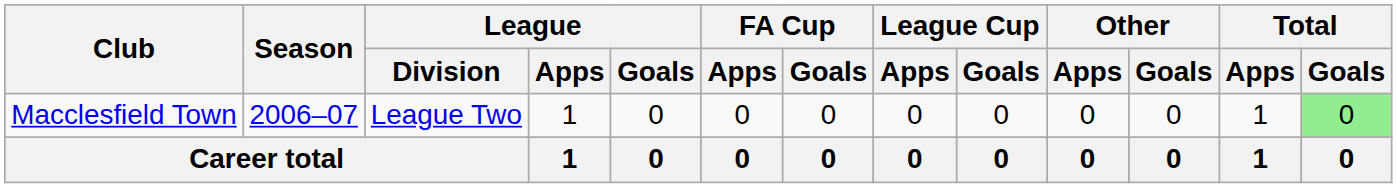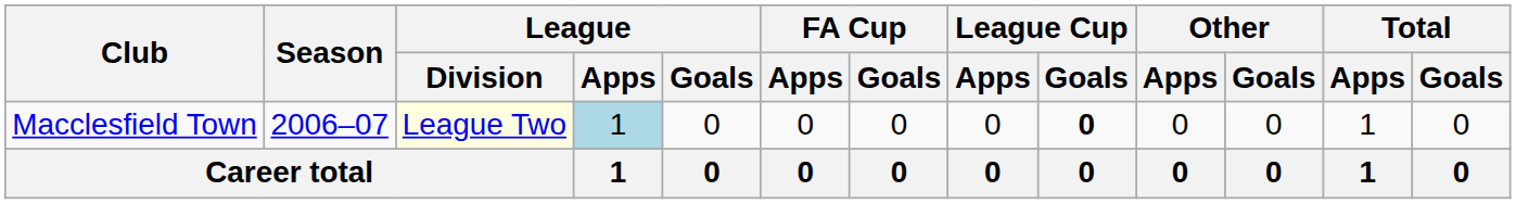 <table class="wikitable" style="text-align: center;">
 <tr>
 <th rowspan=2>Club</th>
 <th rowspan=2>Season</th>
 <th colspan=3>League</th>
 <th colspan=2>FA Cup</th>
 <th colspan=2>League Cup</th>
 <th colspan=2>Other</th>
 <th colspan=2>Total</th>
 </tr>
 <tr>
 <th>Division</th>
 <th>Apps</th>
 <th>Goals</th>
 <th>Apps</th>
 <th>Goals</th>
 <th>Apps</th>
 <th>Goals</th>
 <th>Apps</th>
 <th>Goals</th>
 <th>Apps</th>
 <th>Goals</th>
 </tr>
 <tr>
 <td><a href='#'>Macclesfield Town</a></td>
 <td><a href='#'>2006–07</a></td>
-<td><a href='#'>League Two</a></td>
-<td>1</td>
+<td style="background: lightyellow;"><a href='#'>League Two</a></td>
+<td style="background: lightblue;">1</td>
 <td>0</td>
 <td>0</td>
 <td>0</td>
 <td>0</td>
-<td>0</td>
+<td><strong>0</strong></td>
 <td>0</td>
 <td>0</td>
 <td>1</td>
-<td style="background: lightgreen;">0</td>
+<td>0</td>
 </tr>
 <tr>
 <th colspan=3>Career total</th>
 <th>1</th>
 <th>0</th>
 <th>0</th>
 <th>0</th>
 <th>0</th>
 <th>0</th>
 <th>0</th>
 <th>0</th>
 <th>1</th>
 <th>0</th>
 </tr>
 </table>
